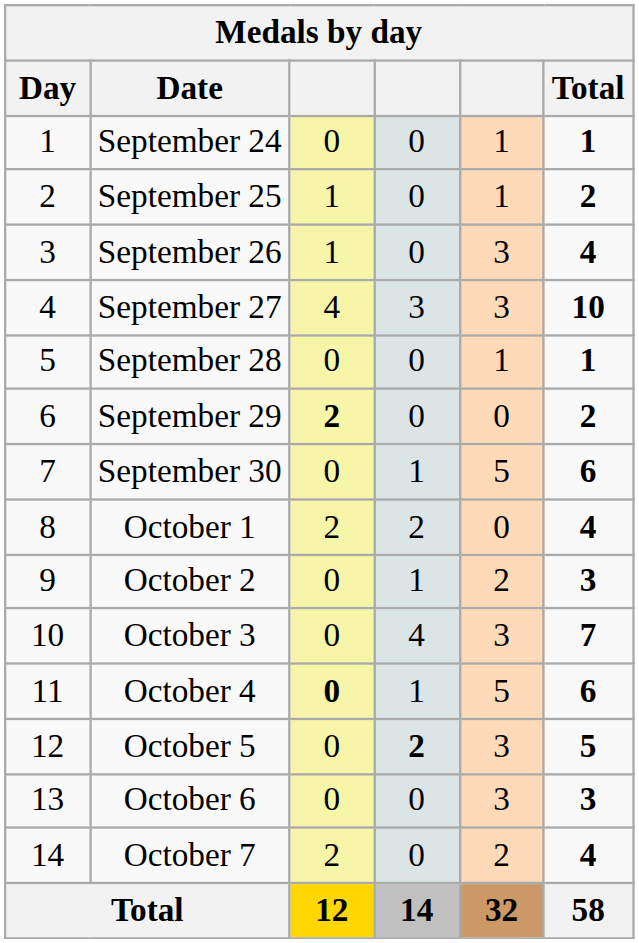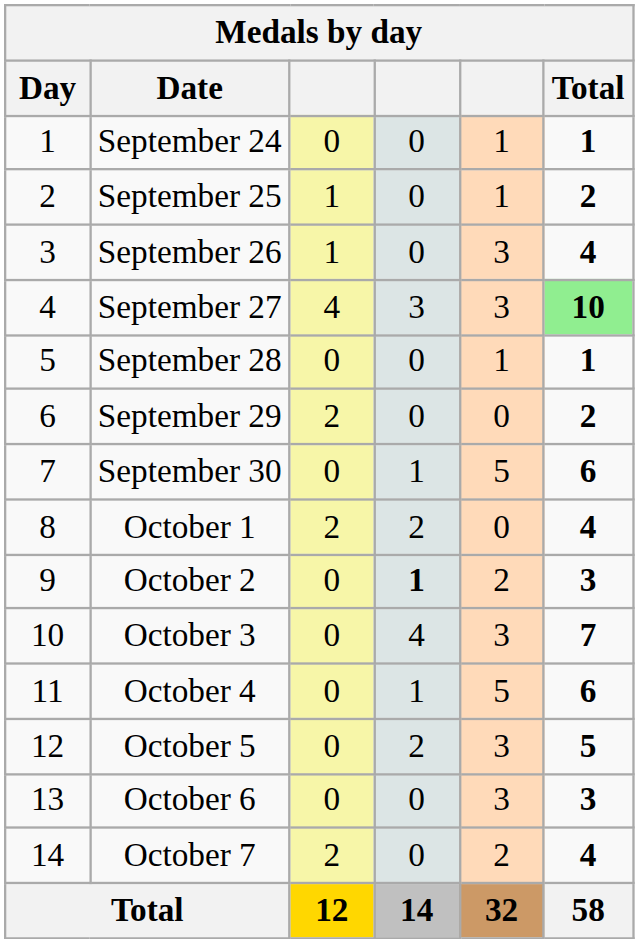 <table class=wikitable style="font-size:90%;text-align:center">
 <tr>
 <th colspan=7>Medals by day</th>
 </tr>
 <tr>
 <th width="30">Day</th>
 <th>Date</th>
 <th width="30" bgcolor="F7F6A8"></th>
 <th width="30" bgcolor="DCE5E5"></th>
 <th width="30" bgcolor="FFDAB9"></th>
 <th width="30">Total</th>
 </tr>
 <tr>
 <td>1</td>
 <td>September 24</td>
 <td bgcolor=F7F6A8>0</td>
 <td bgcolor=DCE5E5>0</td>
 <td bgcolor=FFDAB9>1</td>
 <td><strong>1</strong></td>
 </tr>
 <tr>
 <td>2</td>
 <td>September 25</td>
 <td bgcolor=F7F6A8>1</td>
 <td bgcolor=DCE5E5>0</td>
 <td bgcolor=FFDAB9>1</td>
 <td><strong>2</strong></td>
 </tr>
 <tr>
 <td>3</td>
 <td>September 26</td>
 <td bgcolor=F7F6A8>1</td>
 <td bgcolor=DCE5E5>0</td>
 <td bgcolor=FFDAB9>3</td>
 <td><strong>4</strong></td>
 </tr>
 <tr>
 <td>4</td>
 <td>September 27</td>
 <td bgcolor=F7F6A8>4</td>
 <td bgcolor=DCE5E5>3</td>
 <td bgcolor=FFDAB9>3</td>
-<td><strong>10</strong></td>
+<td style="background: lightgreen;"><strong>10</strong></td>
 </tr>
 <tr>
 <td>5</td>
 <td>September 28</td>
 <td bgcolor=F7F6A8>0</td>
 <td bgcolor=DCE5E5>0</td>
 <td bgcolor=FFDAB9>1</td>
 <td><strong>1</strong></td>
 </tr>
 <tr>
 <td>6</td>
 <td>September 29</td>
-<td bgcolor=F7F6A8><strong>2</strong></td>
+<td bgcolor=F7F6A8>2</td>
 <td bgcolor=DCE5E5>0</td>
 <td bgcolor=FFDAB9>0</td>
 <td><strong>2</strong></td>
 </tr>
 <tr>
 <td>7</td>
 <td>September 30</td>
 <td bgcolor=F7F6A8>0</td>
 <td bgcolor=DCE5E5>1</td>
 <td bgcolor=FFDAB9>5</td>
 <td><strong>6</strong></td>
 </tr>
 <tr>
 <td>8</td>
 <td>October 1</td>
 <td bgcolor=F7F6A8>2</td>
 <td bgcolor=DCE5E5>2</td>
 <td bgcolor=FFDAB9>0</td>
 <td><strong>4</strong></td>
 </tr>
 <tr>
 <td>9</td>
 <td>October 2</td>
 <td bgcolor=F7F6A8>0</td>
-<td bgcolor=DCE5E5>1</td>
+<td bgcolor=DCE5E5><strong>1</strong></td>
 <td bgcolor=FFDAB9>2</td>
 <td><strong>3</strong></td>
 </tr>
 <tr>
 <td>10</td>
 <td>October 3</td>
 <td bgcolor=F7F6A8>0</td>
 <td bgcolor=DCE5E5>4</td>
 <td bgcolor=FFDAB9>3</td>
 <td><strong>7</strong></td>
 </tr>
 <tr>
 <td>11</td>
 <td>October 4</td>
-<td bgcolor=F7F6A8><strong>0</strong></td>
+<td bgcolor=F7F6A8>0</td>
 <td bgcolor=DCE5E5>1</td>
 <td bgcolor=FFDAB9>5</td>
 <td><strong>6</strong></td>
 </tr>
 <tr>
 <td>12</td>
 <td>October 5</td>
 <td bgcolor=F7F6A8>0</td>
-<td bgcolor=DCE5E5><strong>2</strong></td>
+<td bgcolor=DCE5E5>2</td>
 <td bgcolor=FFDAB9>3</td>
 <td><strong>5</strong></td>
 </tr>
 <tr>
 <td>13</td>
 <td>October 6</td>
 <td bgcolor=F7F6A8>0</td>
 <td bgcolor=DCE5E5>0</td>
 <td bgcolor=FFDAB9>3</td>
 <td><strong>3</strong></td>
 </tr>
 <tr>
 <td>14</td>
 <td>October 7</td>
 <td bgcolor=F7F6A8>2</td>
 <td bgcolor=DCE5E5>0</td>
 <td bgcolor=FFDAB9>2</td>
 <td><strong>4</strong></td>
 </tr>
 <tr>
 <th colspan="2">Total</th>
 <th style="background:gold">12</th>
 <th style="background:silver">14</th>
 <th style="background:#c96">32</th>
 <th>58</th>
 </tr>
 </table>
